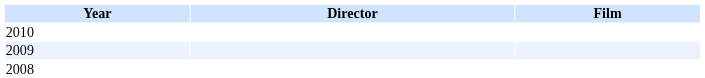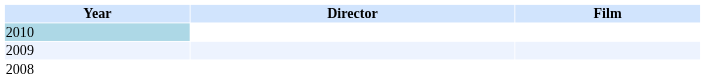 <table cellspacing="1" cellpadding="1" border="0" width="50%">
 <tr bgcolor="#d1e4fd">
 <th>Year</th>
 <th>Director</th>
 <th>Film</th>
 </tr>
 <tr>
-<td>2010</td>
+<td style="background: lightblue;">2010</td>
 <td></td>
 <td></td>
 </tr>
 <tr bgcolor=#edf3fe>
 <td>2009</td>
 <td></td>
 <td></td>
 </tr>
 <tr>
 <td>2008</td>
 <td></td>
 <td></td>
 </tr>
 <tr bgcolor=#edf3fe>
 </tr>
 <tr>
 </tr>
 </table>
